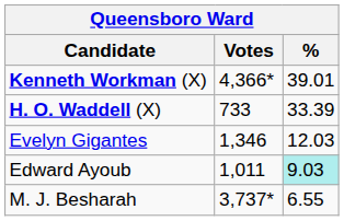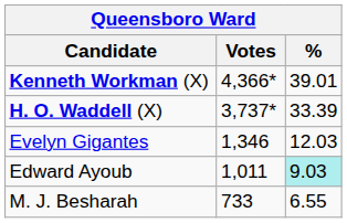 <table class="wikitable">
 <tr>
 <th colspan="3"><a href='#'>Queensboro Ward</a></th>
 </tr>
 <tr>
 <th style="width: 170px">Candidate</th>
 <th style="width: 50px">Votes</th>
 <th style="width: 40px">%</th>
 </tr>
 <tr>
 <td><strong><a href='#'>Kenneth Workman</a></strong> (X)</td>
 <td>4,366*</td>
 <td>39.01</td>
 </tr>
 <tr>
 <td><strong><a href='#'>H. O. Waddell</a></strong> (X)</td>
-<td>733</td>
+<td>3,737*</td>
 <td>33.39</td>
 </tr>
 <tr>
 <td><a href='#'>Evelyn Gigantes</a></td>
 <td>1,346</td>
 <td>12.03</td>
 </tr>
 <tr>
 <td>Edward Ayoub</td>
 <td>1,011</td>
 <td style="background: paleturquoise;">9.03</td>
 </tr>
 <tr>
 <td>M. J. Besharah</td>
-<td>3,737*</td>
+<td>733</td>
 <td>6.55</td>
 </tr>
 </table>
